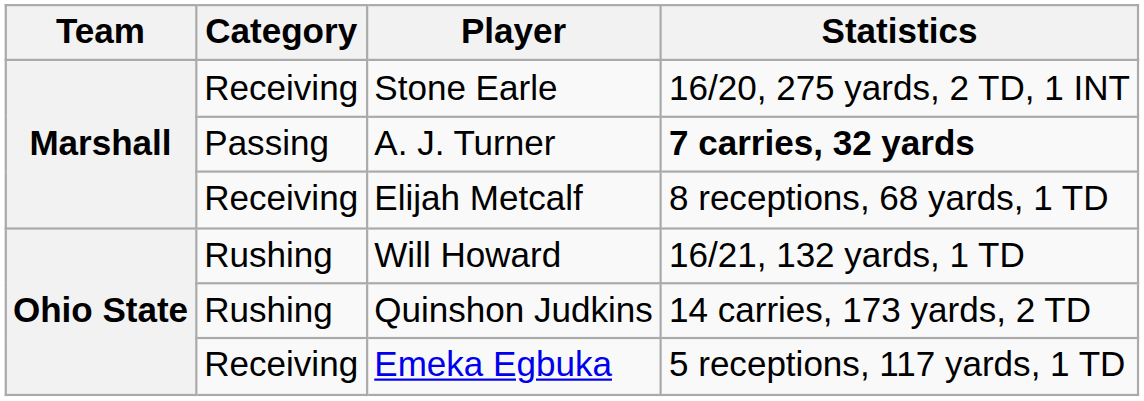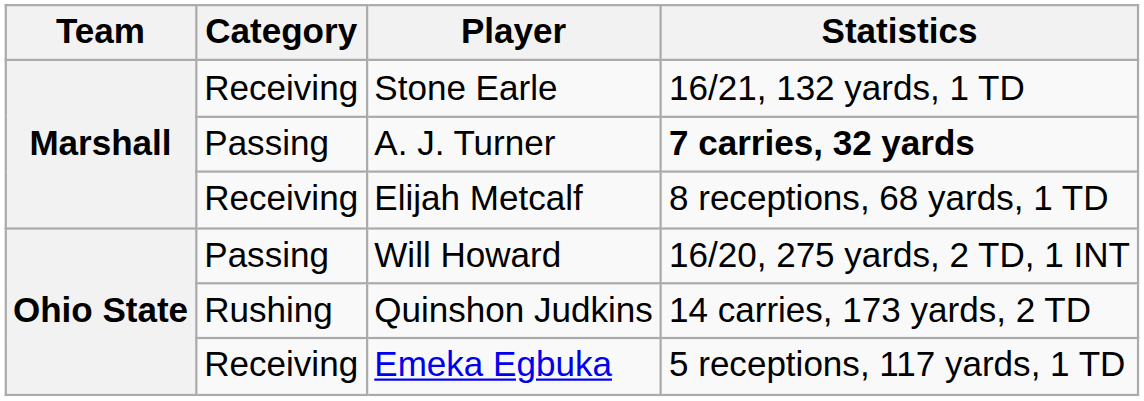 <table class="wikitable" style="float:right">
 <tr>
 <th>Team</th>
 <th>Category</th>
 <th>Player</th>
 <th>Statistics</th>
 </tr>
 <tr>
 <th rowspan=3>Marshall</th>
 <td>Receiving</td>
 <td>Stone Earle</td>
-<td>16/20, 275 yards, 2 TD, 1 INT</td>
+<td>16/21, 132 yards, 1 TD</td>
 </tr>
 <tr>
 <td>Passing</td>
 <td>A. J. Turner</td>
 <td><strong>7 carries, 32 yards</strong></td>
 </tr>
 <tr>
 <td>Receiving</td>
 <td>Elijah Metcalf</td>
 <td>8 receptions, 68 yards, 1 TD</td>
 </tr>
 <tr>
 <th rowspan=3>Ohio State</th>
-<td>Rushing</td>
+<td>Passing</td>
 <td>Will Howard</td>
-<td>16/21, 132 yards, 1 TD</td>
+<td>16/20, 275 yards, 2 TD, 1 INT</td>
 </tr>
 <tr>
 <td>Rushing</td>
 <td>Quinshon Judkins</td>
 <td>14 carries, 173 yards, 2 TD</td>
 </tr>
 <tr>
 <td>Receiving</td>
 <td><a href='#'>Emeka Egbuka</a></td>
 <td>5 receptions, 117 yards, 1 TD</td>
 </tr>
 </table>
